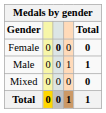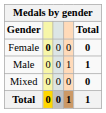 <table class=wikitable style=font-size:85%>
 <tr style="background:#efefef;">
 <th colspan=7><strong>Medals by gender</strong></th>
 </tr>
 <tr align=center>
 <td><strong>Gender</strong></td>
 <td bgcolor=#f7f6a8></td>
 <td bgcolor=#dce5e5></td>
 <td bgcolor=#ffdab9></td>
 <td><strong>Total</strong></td>
 </tr>
 <tr align=center>
 <td>Female</td>
-<td style="background:#F7F6A8;">0</td>
-<td style="background:#DCE5E5;"><strong>0</strong></td>
+<td style="background:#F7F6A8;"><strong>0</strong></td>
+<td style="background:#DCE5E5;">0</td>
 <td style="background:#FFDAB9;">0</td>
 <td><strong>0</strong></td>
 </tr>
 <tr align=center>
 <td>Male</td>
 <td style="background:#F7F6A8;">0</td>
 <td style="background:#DCE5E5;">0</td>
 <td style="background:#FFDAB9;">1</td>
 <td><strong>1</strong></td>
 </tr>
 <tr align=center>
 <td>Mixed</td>
 <td style="background:#F7F6A8;">0</td>
 <td style="background:#DCE5E5;">0</td>
 <td style="background:#FFDAB9;">0</td>
 <td><strong>0</strong></td>
 </tr>
 <tr align=center>
 <th><strong>Total</strong></th>
 <th style="background:gold;"><strong>0</strong></th>
 <th style="background:silver;"><strong>0</strong></th>
 <th style="background:#c96;"><strong>1</strong></th>
 <th><strong>1</strong></th>
 </tr>
 </table>
